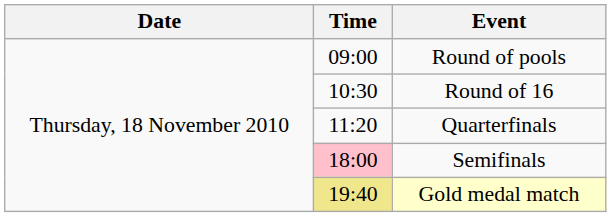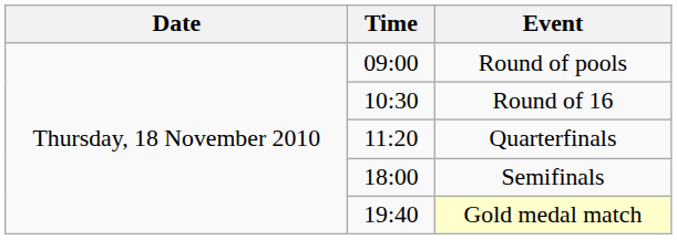 <table class = "wikitable" style="text-align:center;">
 <tr>
 <th width=220>Date</th>
 <th width=50>Time</th>
 <th width=150>Event</th>
 </tr>
 <tr>
 <td rowspan=5>Thursday, 18 November 2010</td>
 <td>09:00</td>
 <td>Round of pools</td>
 </tr>
 <tr>
 <td>10:30</td>
 <td>Round of 16</td>
 </tr>
 <tr>
 <td>11:20</td>
 <td>Quarterfinals</td>
 </tr>
 <tr>
-<td style="background: pink;">18:00</td>
+<td>18:00</td>
 <td>Semifinals</td>
 </tr>
 <tr>
-<td style="background: khaki;">19:40</td>
+<td>19:40</td>
 <td bgcolor=ffffcc>Gold medal match</td>
 </tr>
 </table>
